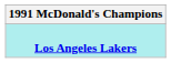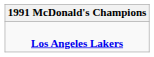 <table class=wikitable style="text-align:center; margin:auto">
 <tr>
 <th>1991 McDonald's Champions</th>
 </tr>
 <tr>
-<td style="background: paleturquoise;"><br><strong><a href='#'>Los Angeles Lakers </a></strong></td>
+<td><br><strong><a href='#'>Los Angeles Lakers </a></strong></td>
 </tr>
 </table>
